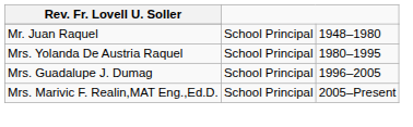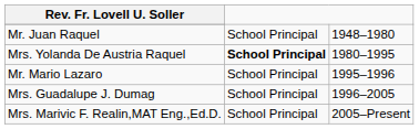 <table class="wikitable" border="1">
 <tr style="text-align:left; font-size:x-smaller">
 <th>Rev. Fr. Lovell U. Soller<br></th>
 </tr>
 <tr Present>
 </tr>
 <tr style="text-align:left; font-size:x-smaller">
 <td>Mr. Juan Raquel</td>
 <td>School Principal</td>
 <td>1948–1980</td>
 </tr>
 <tr style="text-align:left; font-size:x-smaller">
 <td>Mrs. Yolanda De Austria Raquel</td>
+<td><strong>School Principal</strong></td>
+<td>1980–1995</td>
+</tr>
+<tr style="text-align:left; font-size:x-smaller">
+<td>Mr. Mario Lazaro</td>
 <td>School Principal</td>
-<td>1980–1995</td>
+<td>1995–1996</td>
 </tr>
 <tr style="text-align:left; font-size:x-smaller">
 <td>Mrs. Guadalupe J. Dumag</td>
 <td>School Principal</td>
 <td>1996–2005</td>
 </tr>
 <tr style="text-align:left; font-size:x-smaller">
 <td>Mrs. Marivic F. Realin,MAT Eng.,Ed.D.</td>
 <td>School Principal</td>
 <td>2005–Present</td>
 </tr>
 </table>
